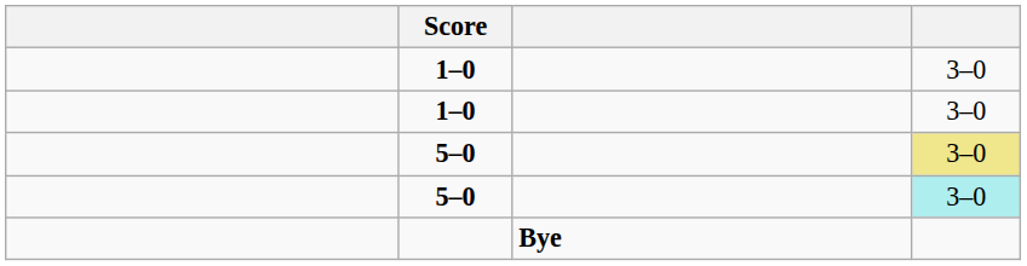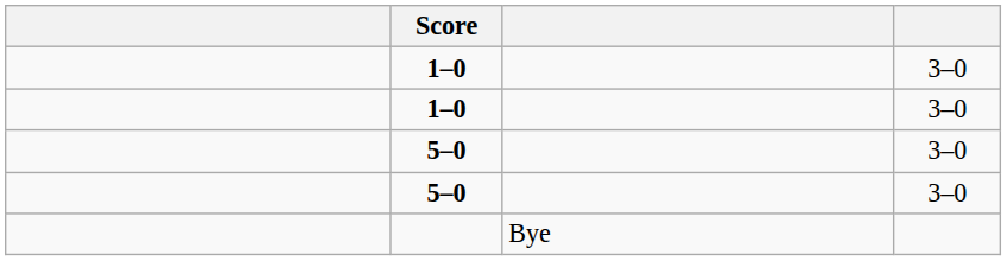 <table class="wikitable" style="text-align: center; ">
 <tr>
 <th align="right" width="270"></th>
 <th width="65">Score</th>
 <th align="left" width="270"></th>
 <th width="65"></th>
 </tr>
 <tr>
 <td align="left"><strong></strong></td>
 <td><strong>1–0</strong></td>
 <td align="left"></td>
 <td>3–0 <strong></strong></td>
 </tr>
 <tr>
 <td align="left"><strong></strong></td>
 <td><strong>1–0</strong></td>
 <td align="left"></td>
 <td>3–0 <strong></strong></td>
 </tr>
 <tr>
 <td align="left"><strong></strong></td>
 <td><strong>5–0</strong></td>
 <td align="left"></td>
-<td style="background: khaki;">3–0 <strong></strong></td>
+<td>3–0 <strong></strong></td>
 </tr>
 <tr>
 <td align="left"><strong></strong></td>
 <td><strong>5–0</strong></td>
 <td align="left"></td>
-<td style="background: paleturquoise;">3–0 <strong></strong></td>
+<td>3–0 <strong></strong></td>
 </tr>
 <tr>
 <td align="left"><strong></strong></td>
 <td></td>
-<td align="left"><strong>Bye</strong></td>
+<td align="left">Bye</td>
 <td></td>
 </tr>
 </table>
